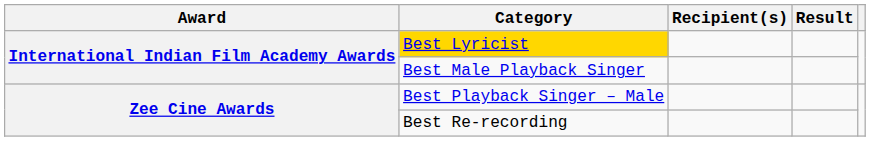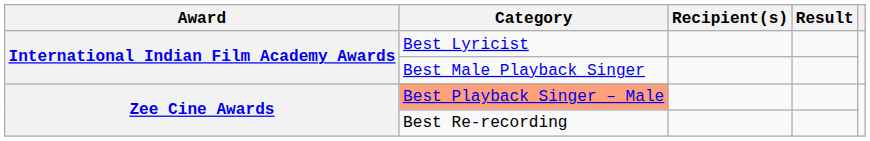 <table class="wikitable plainrowheaders sortable">
 <tr>
 <th scope="col">Award</th>
 <th scope="col">Category</th>
 <th scope="col">Recipient(s)</th>
 <th scope="col">Result</th>
 <th scope="col" class="unsortable"></th>
 </tr>
 <tr>
 <th scope="row" rowspan="2"><a href='#'>International Indian Film Academy Awards</a></th>
-<td style="background: gold;"><a href='#'>Best Lyricist</a></td>
+<td><a href='#'>Best Lyricist</a></td>
 <td> </td>
 <td></td>
 <td style="text-align:center;" rowspan="2"></td>
 </tr>
 <tr>
 <td><a href='#'>Best Male Playback Singer</a></td>
 <td> </td>
 <td></td>
 </tr>
 <tr>
 <th scope="row" rowspan="2"><a href='#'>Zee Cine Awards</a></th>
-<td><a href='#'>Best Playback Singer – Male</a></td>
+<td style="background: lightsalmon;"><a href='#'>Best Playback Singer – Male</a></td>
 <td> </td>
 <td></td>
 <td style="text-align:center;" rowspan="2"></td>
 </tr>
 <tr>
 <td>Best Re-recording</td>
 <td></td>
 <td></td>
 </tr>
 </table>
